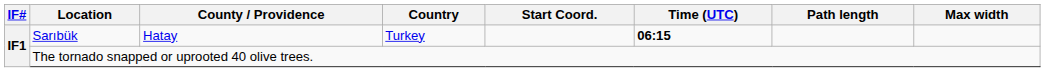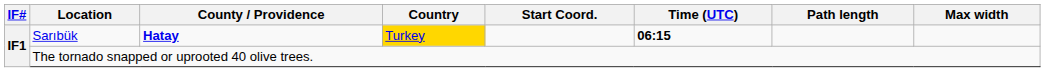 <table class="wikitable sortable" style="width:100%;">
 <tr>
 <th scope="col" width="2%" align="center"><a href='#'>IF#</a></th>
 <th scope="col" align="center" class="unsortable">Location</th>
 <th scope="col" align="center" class="unsortable">County / Providence</th>
 <th scope="col" align="center">Country</th>
 <th scope="col" align="center">Start Coord.</th>
 <th scope="col" align="center">Time (<a href='#'>UTC</a>)</th>
 <th scope="col" align="center">Path length</th>
 <th scope="col" align="center">Max width</th>
 </tr>
 <tr>
 <th scope="row" rowspan="2" style="background-color:#">IF1</th>
 <td><a href='#'>Sarıbük</a></td>
-<td><a href='#'>Hatay</a></td>
-<td><a href='#'>Turkey</a></td>
+<td><strong><a href='#'>Hatay</a></strong></td>
+<td style="background: gold;"><a href='#'>Turkey</a></td>
 <td></td>
 <td><strong>06:15</strong></td>
 <td></td>
 <td></td>
 </tr>
 <tr class="expand-child">
 <td colspan="8" style=" border-bottom: 1px solid black;">The tornado snapped or uprooted 40 olive trees.</td>
 </tr>
 </table>
